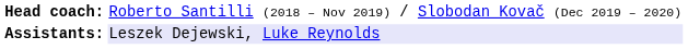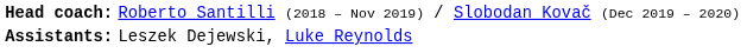 <table>
 <tr>
 <td><strong>Head coach:</strong></td>
 <td> <a href='#'>Roberto Santilli</a> <small>(2018 – Nov 2019)</small> /  <a href='#'>Slobodan Kovač</a> <small>(Dec 2019 – 2020)</small></td>
 </tr>
 <tr>
 <td><strong>Assistants:</strong></td>
-<td style="background: lavender;"> Leszek Dejewski,  <a href='#'>Luke Reynolds</a></td>
+<td> Leszek Dejewski,  <a href='#'>Luke Reynolds</a></td>
 </tr>
 </table>
